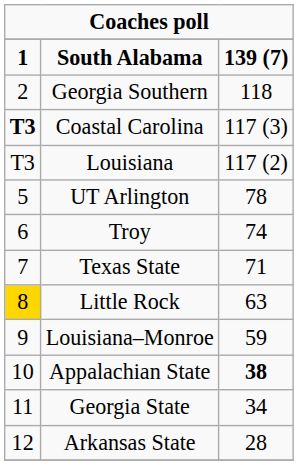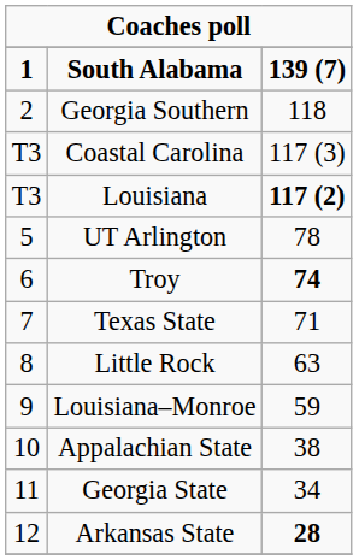 <table class="wikitable">
 <tr align="center">
 <td align="center" Colspan="3"><strong>Coaches poll</strong></td>
 </tr>
 <tr align="center">
 </tr>
 <tr align="center">
 <td><strong>1</strong></td>
 <td><strong>South Alabama</strong></td>
 <td><strong>139 (7)</strong></td>
 </tr>
 <tr align="center">
 <td>2</td>
 <td>Georgia Southern</td>
 <td>118</td>
 </tr>
 <tr align="center">
-<td><strong>T3</strong></td>
+<td>T3</td>
 <td>Coastal Carolina</td>
 <td>117 (3)</td>
 </tr>
 <tr align="center">
 <td>T3</td>
 <td>Louisiana</td>
-<td>117 (2)</td>
+<td><strong>117 (2)</strong></td>
 </tr>
 <tr align="center">
 <td>5</td>
 <td>UT Arlington</td>
 <td>78</td>
 </tr>
 <tr align="center">
 <td>6</td>
 <td>Troy</td>
-<td>74</td>
+<td><strong>74</strong></td>
 </tr>
 <tr align="center">
 <td>7</td>
 <td>Texas State</td>
 <td>71</td>
 </tr>
 <tr align="center">
-<td style="background: gold;">8</td>
+<td>8</td>
 <td>Little Rock</td>
 <td>63</td>
 </tr>
 <tr align="center">
 <td>9</td>
 <td>Louisiana–Monroe</td>
 <td>59</td>
 </tr>
 <tr align="center">
 <td>10</td>
 <td>Appalachian State</td>
-<td><strong>38</strong></td>
+<td>38</td>
 </tr>
 <tr align="center">
 <td>11</td>
 <td>Georgia State</td>
 <td>34</td>
 </tr>
 <tr align="center">
 <td>12</td>
 <td>Arkansas State</td>
-<td>28</td>
+<td><strong>28</strong></td>
 </tr>
 <tr align="center">
 </tr>
 </table>
